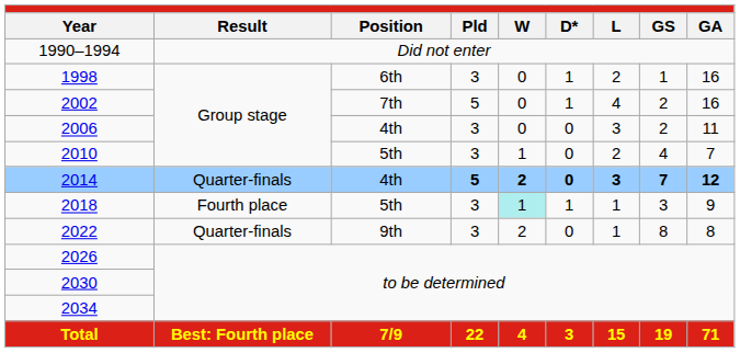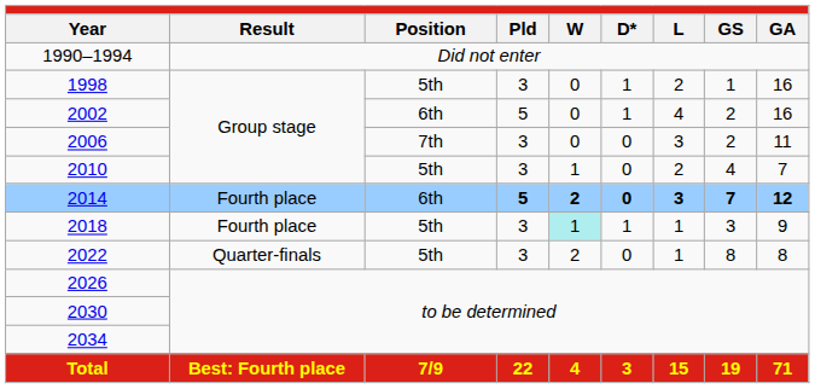 <table class="wikitable" style="text-align: center;font-size:90%;">
 <tr>
 <th colspan="9" style="background: #DB2017; color: #FFFF00;"><a href='#'></a></th>
 </tr>
 <tr>
 <th width=125>Year</th>
 <th width=150>Result</th>
 <th width=100>Position</th>
 <th width=35>Pld</th>
 <th width=35>W</th>
 <th width=35>D*</th>
 <th width=35>L</th>
 <th width=35>GS</th>
 <th width=35>GA</th>
 </tr>
 <tr>
 <td>1990–1994</td>
 <td colspan="8"><em>Did not enter</em></td>
 </tr>
 <tr>
 <td> <a href='#'>1998</a></td>
 <td rowspan="4">Group stage</td>
-<td>6th</td>
+<td>5th</td>
 <td>3</td>
 <td>0</td>
 <td>1</td>
 <td>2</td>
 <td>1</td>
 <td>16</td>
 </tr>
 <tr>
 <td> <a href='#'>2002</a></td>
-<td>7th</td>
+<td>6th</td>
 <td>5</td>
 <td>0</td>
 <td>1</td>
 <td>4</td>
 <td>2</td>
 <td>16</td>
 </tr>
 <tr>
 <td> <a href='#'>2006</a></td>
-<td>4th</td>
+<td>7th</td>
 <td>3</td>
 <td>0</td>
 <td>0</td>
 <td>3</td>
 <td>2</td>
 <td>11</td>
 </tr>
 <tr>
 <td> <a href='#'>2010</a></td>
 <td>5th</td>
 <td>3</td>
 <td>1</td>
 <td>0</td>
 <td>2</td>
 <td>4</td>
 <td>7</td>
 </tr>
 <tr bgcolor=#9acdff>
 <td> <a href='#'>2014</a></td>
-<td>Quarter-finals</td>
-<td>4th</td>
+<td>Fourth place</td>
+<td>6th</td>
 <td><strong>5</strong></td>
 <td><strong>2</strong></td>
 <td><strong>0</strong></td>
 <td><strong>3</strong></td>
 <td><strong>7</strong></td>
 <td><strong>12</strong></td>
 </tr>
 <tr>
 <td> <a href='#'>2018</a></td>
 <td>Fourth place</td>
 <td>5th</td>
 <td>3</td>
 <td style="background: paleturquoise;">1</td>
 <td>1</td>
 <td>1</td>
 <td>3</td>
 <td>9</td>
 </tr>
 <tr>
 <td> <a href='#'>2022</a></td>
 <td>Quarter-finals</td>
-<td>9th</td>
+<td>5th</td>
 <td>3</td>
 <td>2</td>
 <td>0</td>
 <td>1</td>
 <td>8</td>
 <td>8</td>
 </tr>
 <tr>
 <td> <a href='#'>2026</a></td>
 <td colspan='8' rowspan='3'><em>to be determined</em></td>
 </tr>
 <tr>
 <td> <a href='#'>2030</a></td>
 </tr>
 <tr>
 <td> <a href='#'>2034</a></td>
 </tr>
 <tr>
 <td colspan=1 style="background: #DB2017; color: #FFFF00;"><strong>Total</strong></td>
 <td style="background: #DB2017; color: #FFFF00;"><strong>Best: Fourth place</strong></td>
 <td style="background: #DB2017; color: #FFFF00;"><strong>7/9</strong></td>
 <td style="background: #DB2017; color: #FFFF00;"><strong>22</strong></td>
 <td style="background: #DB2017; color: #FFFF00;"><strong>4</strong></td>
 <td style="background: #DB2017; color: #FFFF00;"><strong>3</strong></td>
 <td style="background: #DB2017; color: #FFFF00;"><strong>15</strong></td>
 <td style="background: #DB2017; color: #FFFF00;"><strong>19</strong></td>
 <td style="background: #DB2017; color: #FFFF00;"><strong>71</strong></td>
 </tr>
 </table>
